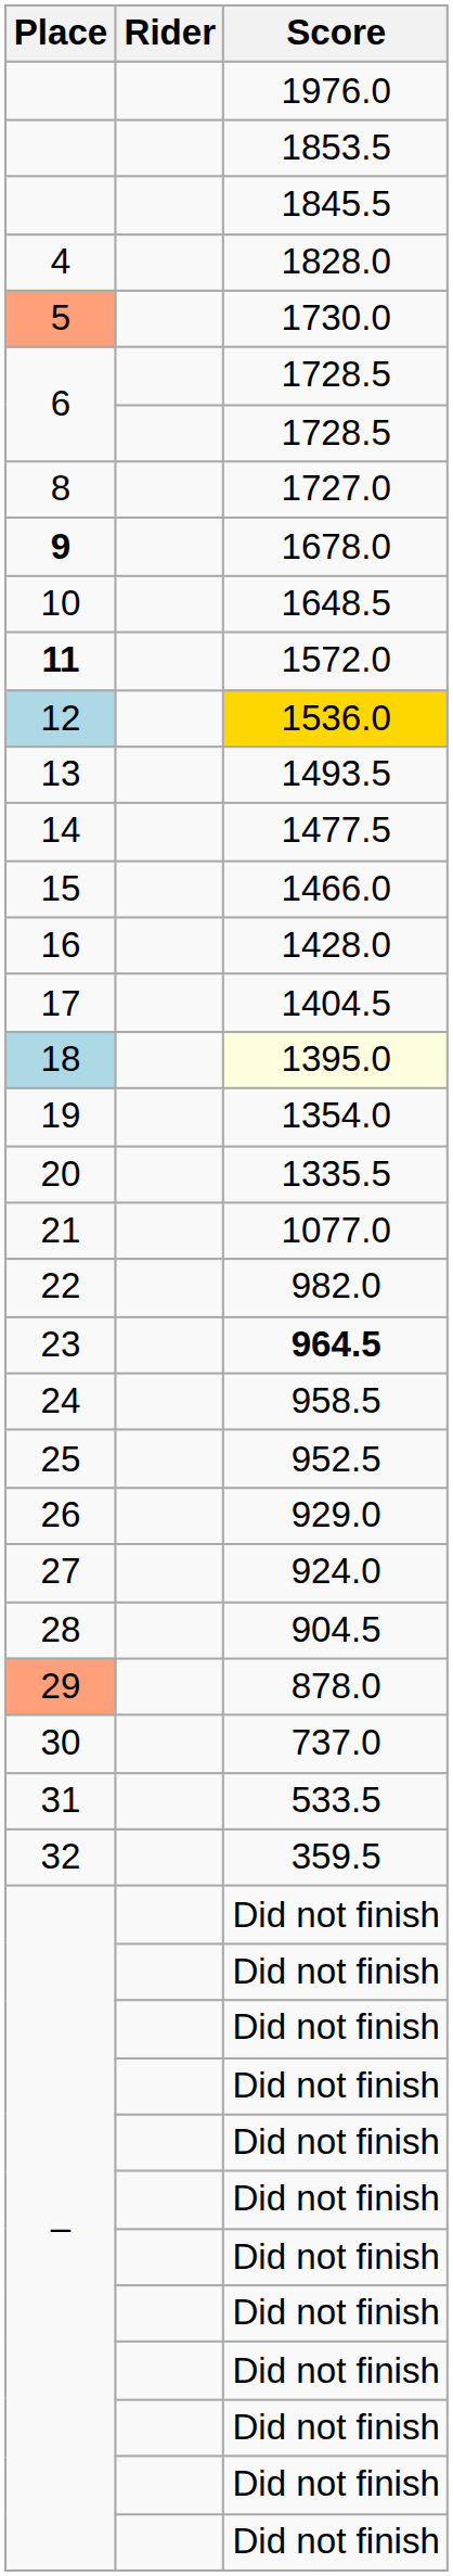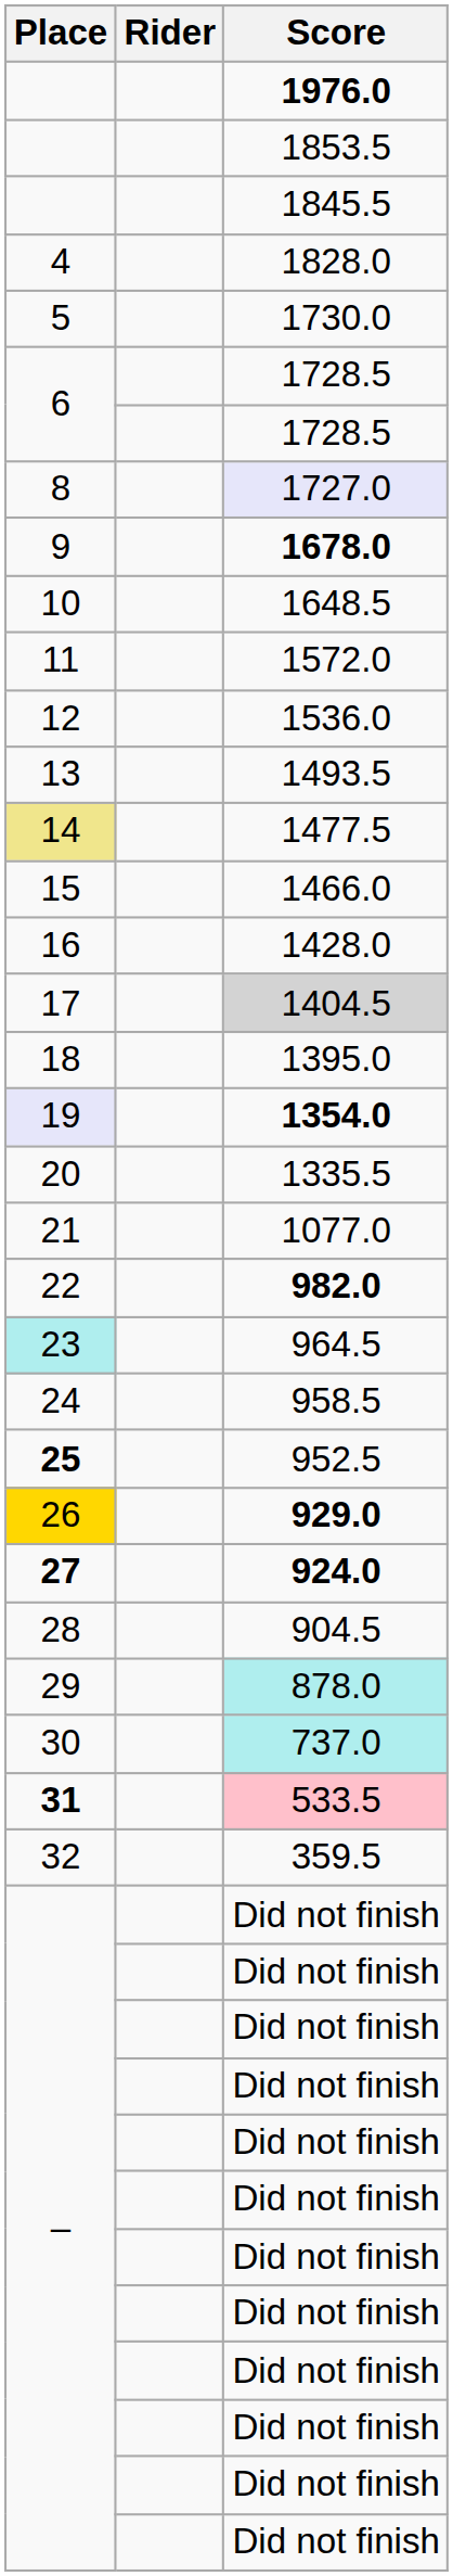 <table class=wikitable style="text-align:center">
 <tr>
 <th>Place</th>
 <th>Rider</th>
 <th>Score</th>
 </tr>
 <tr>
 <td></td>
 <td align=left></td>
-<td>1976.0</td>
+<td><strong>1976.0</strong></td>
 </tr>
 <tr>
 <td></td>
 <td align=left></td>
 <td>1853.5</td>
 </tr>
 <tr>
 <td></td>
 <td align=left></td>
 <td>1845.5</td>
 </tr>
 <tr>
 <td>4</td>
 <td align=left></td>
 <td>1828.0</td>
 </tr>
 <tr>
-<td style="background: lightsalmon;">5</td>
+<td>5</td>
 <td align=left></td>
 <td>1730.0</td>
 </tr>
 <tr>
 <td rowspan=2>6</td>
 <td align=left></td>
 <td>1728.5</td>
 </tr>
 <tr>
 <td align=left></td>
 <td>1728.5</td>
 </tr>
 <tr>
 <td>8</td>
 <td align=left></td>
-<td>1727.0</td>
+<td style="background: lavender;">1727.0</td>
 </tr>
 <tr>
-<td><strong>9</strong></td>
+<td>9</td>
 <td align=left></td>
-<td>1678.0</td>
+<td><strong>1678.0</strong></td>
 </tr>
 <tr>
 <td>10</td>
 <td align=left></td>
 <td>1648.5</td>
 </tr>
 <tr>
-<td><strong>11</strong></td>
+<td>11</td>
 <td align=left></td>
 <td>1572.0</td>
 </tr>
 <tr>
-<td style="background: lightblue;">12</td>
+<td>12</td>
 <td align=left></td>
-<td style="background: gold;">1536.0</td>
+<td>1536.0</td>
 </tr>
 <tr>
 <td>13</td>
 <td align=left></td>
 <td>1493.5</td>
 </tr>
 <tr>
-<td>14</td>
+<td style="background: khaki;">14</td>
 <td align=left></td>
 <td>1477.5</td>
 </tr>
 <tr>
 <td>15</td>
 <td align=left></td>
 <td>1466.0</td>
 </tr>
 <tr>
 <td>16</td>
 <td align=left></td>
 <td>1428.0</td>
 </tr>
 <tr>
 <td>17</td>
 <td align=left></td>
-<td>1404.5</td>
+<td style="background: lightgrey;">1404.5</td>
 </tr>
 <tr>
-<td style="background: lightblue;">18</td>
+<td>18</td>
 <td align=left></td>
-<td style="background: lightyellow;">1395.0</td>
+<td>1395.0</td>
 </tr>
 <tr>
-<td>19</td>
+<td style="background: lavender;">19</td>
 <td align=left></td>
-<td>1354.0</td>
+<td><strong>1354.0</strong></td>
 </tr>
 <tr>
 <td>20</td>
 <td align=left></td>
 <td>1335.5</td>
 </tr>
 <tr>
 <td>21</td>
 <td align=left></td>
 <td>1077.0</td>
 </tr>
 <tr>
 <td>22</td>
 <td align=left></td>
-<td>982.0</td>
+<td><strong>982.0</strong></td>
 </tr>
 <tr>
-<td>23</td>
+<td style="background: paleturquoise;">23</td>
 <td align=left></td>
-<td><strong>964.5</strong></td>
+<td>964.5</td>
 </tr>
 <tr>
 <td>24</td>
 <td align=left></td>
 <td>958.5</td>
 </tr>
 <tr>
-<td>25</td>
+<td><strong>25</strong></td>
 <td align=left></td>
 <td>952.5</td>
 </tr>
 <tr>
-<td>26</td>
+<td style="background: gold;">26</td>
 <td align=left></td>
-<td>929.0</td>
+<td><strong>929.0</strong></td>
 </tr>
 <tr>
-<td>27</td>
+<td><strong>27</strong></td>
 <td align=left></td>
-<td>924.0</td>
+<td><strong>924.0</strong></td>
 </tr>
 <tr>
 <td>28</td>
 <td align=left></td>
 <td>904.5</td>
 </tr>
 <tr>
-<td style="background: lightsalmon;">29</td>
+<td>29</td>
 <td align=left></td>
-<td>878.0</td>
+<td style="background: paleturquoise;">878.0</td>
 </tr>
 <tr>
 <td>30</td>
 <td align=left></td>
-<td>737.0</td>
+<td style="background: paleturquoise;">737.0</td>
 </tr>
 <tr>
-<td>31</td>
+<td><strong>31</strong></td>
 <td align=left></td>
-<td>533.5</td>
+<td style="background: pink;">533.5</td>
 </tr>
 <tr>
 <td>32</td>
 <td align=left></td>
 <td>359.5</td>
 </tr>
 <tr>
 <td rowspan=12>–</td>
 <td align=left></td>
 <td>Did not finish</td>
 </tr>
 <tr>
 <td align=left></td>
 <td>Did not finish</td>
 </tr>
 <tr>
 <td align=left></td>
 <td>Did not finish</td>
 </tr>
 <tr>
 <td align=left></td>
 <td>Did not finish</td>
 </tr>
 <tr>
 <td align=left></td>
 <td>Did not finish</td>
 </tr>
 <tr>
 <td align=left></td>
 <td>Did not finish</td>
 </tr>
 <tr>
 <td align=left></td>
 <td>Did not finish</td>
 </tr>
 <tr>
 <td align=left></td>
 <td>Did not finish</td>
 </tr>
 <tr>
 <td align=left></td>
 <td>Did not finish</td>
 </tr>
 <tr>
 <td align=left></td>
 <td>Did not finish</td>
 </tr>
 <tr>
 <td align=left></td>
 <td>Did not finish</td>
 </tr>
 <tr>
 <td align=left></td>
 <td>Did not finish</td>
 </tr>
 </table>
